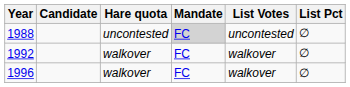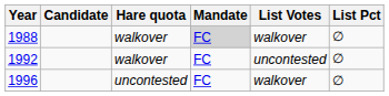 <table class="wikitable" style="margin:0.5em ; font-size:95%">
 <tr>
 <th>Year</th>
 <th>Candidate</th>
 <th>Hare quota</th>
 <th>Mandate</th>
 <th>List Votes</th>
 <th>List Pct</th>
 </tr>
 <tr>
 <td><a href='#'>1988</a></td>
 <td></td>
-<td><em>uncontested</em></td>
+<td><em>walkover</em></td>
 <td style="background: lightgrey;"><a href='#'>FC</a></td>
-<td><em>uncontested</em></td>
+<td><em>walkover</em></td>
 <td>∅</td>
 </tr>
 <tr>
 <td><a href='#'>1992</a></td>
 <td></td>
 <td><em>walkover</em></td>
 <td><a href='#'>FC</a></td>
-<td><em>walkover</em></td>
+<td><em>uncontested</em></td>
 <td>∅</td>
 </tr>
 <tr>
 <td><a href='#'>1996</a></td>
 <td></td>
-<td><em>walkover</em></td>
+<td><em>uncontested</em></td>
 <td><a href='#'>FC</a></td>
 <td><em>walkover</em></td>
 <td>∅</td>
 </tr>
 </table>
